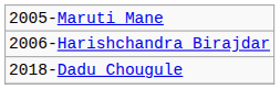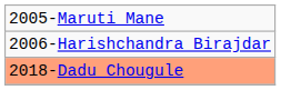 <table class="wikitable plainrowheaders" border="1">
 <tr>
 <td>2005-<a href='#'>Maruti Mane</a></td>
 </tr>
 <tr>
 <td>2006-<a href='#'>Harishchandra Birajdar</a></td>
 </tr>
 <tr>
-<td>2018-<a href='#'>Dadu Chougule</a></td>
+<td style="background: lightsalmon;">2018-<a href='#'>Dadu Chougule</a></td>
 </tr>
 <tr>
 </tr>
 </table>
